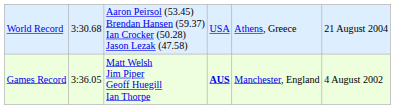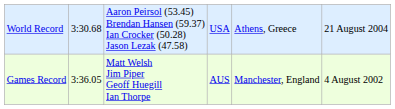 <table class="wikitable">
 <tr bgcolor = "ddeeff">
 <td><a href='#'>World Record</a></td>
 <td>3:30.68</td>
 <td><a href='#'>Aaron Peirsol</a> (53.45)<br><a href='#'>Brendan Hansen</a> (59.37)<br><a href='#'>Ian Crocker</a> (50.28)<br><a href='#'>Jason Lezak</a> (47.58)</td>
 <td><a href='#'>USA</a></td>
 <td><a href='#'>Athens</a>, Greece</td>
 <td>21 August 2004</td>
 </tr>
 <tr bgcolor = "eeffdd">
 <td><a href='#'>Games Record</a></td>
 <td>3:36.05</td>
 <td><a href='#'>Matt Welsh</a><br><a href='#'>Jim Piper</a><br><a href='#'>Geoff Huegill</a><br><a href='#'>Ian Thorpe</a></td>
-<td><strong><a href='#'>AUS</a></strong></td>
+<td><a href='#'>AUS</a></td>
 <td><a href='#'>Manchester</a>, England</td>
 <td>4 August 2002</td>
 </tr>
 </table>
